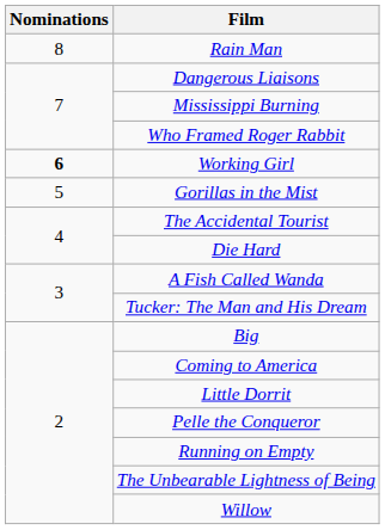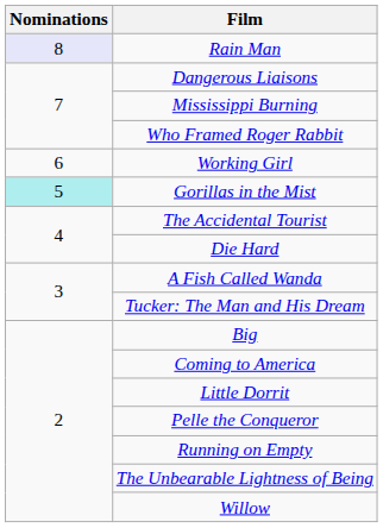 <table class="wikitable sortable" style="text-align: center;">
 <tr>
 <th scope="col" width="55">Nominations</th>
 <th scope="col" align="center">Film</th>
 </tr>
 <tr>
-<td style="text-align: center;">8</td>
+<td style="background: lavender; text-align: center;">8</td>
 <td><em><a href='#'>Rain Man</a></em></td>
 </tr>
 <tr>
 <td rowspan=3 style="text-align:center">7</td>
 <td><em><a href='#'>Dangerous Liaisons</a></em></td>
 </tr>
 <tr>
 <td><em><a href='#'>Mississippi Burning</a></em></td>
 </tr>
 <tr>
 <td><em><a href='#'>Who Framed Roger Rabbit</a></em></td>
 </tr>
 <tr>
-<td style="text-align: center;"><strong>6</strong></td>
+<td style="text-align: center;">6</td>
 <td><em><a href='#'>Working Girl</a></em></td>
 </tr>
 <tr>
-<td style="text-align: center;">5</td>
+<td style="background: paleturquoise; text-align: center;">5</td>
 <td><em><a href='#'>Gorillas in the Mist</a></em></td>
 </tr>
 <tr>
 <td rowspan=2 style="text-align:center">4</td>
 <td><em><a href='#'>The Accidental Tourist</a></em></td>
 </tr>
 <tr>
 <td><em><a href='#'>Die Hard</a></em></td>
 </tr>
 <tr>
 <td rowspan=2 style="text-align:center">3</td>
 <td><em><a href='#'>A Fish Called Wanda</a></em></td>
 </tr>
 <tr>
 <td><em><a href='#'>Tucker: The Man and His Dream</a></em></td>
 </tr>
 <tr>
 <td rowspan=7 style="text-align:center">2</td>
 <td><em><a href='#'>Big</a></em></td>
 </tr>
 <tr>
 <td><em><a href='#'>Coming to America</a></em></td>
 </tr>
 <tr>
 <td><em><a href='#'>Little Dorrit</a></em></td>
 </tr>
 <tr>
 <td><em><a href='#'>Pelle the Conqueror</a></em></td>
 </tr>
 <tr>
 <td><em><a href='#'>Running on Empty</a></em></td>
 </tr>
 <tr>
 <td><em><a href='#'>The Unbearable Lightness of Being</a></em></td>
 </tr>
 <tr>
 <td><em><a href='#'>Willow</a></em></td>
 </tr>
 </table>
